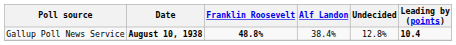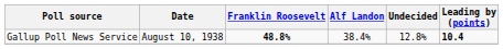 <table class="wikitable sortable collapsible collapsed">
 <tr>
 <th>Poll source</th>
 <th>Date</th>
 <th><a href='#'>Franklin Roosevelt</a><br><small></small></th>
 <th><a href='#'>Alf Landon</a><br><small></small></th>
 <th>Undecided</th>
 <th>Leading by<br>(<a href='#'>points</a>)</th>
 </tr>
 <tr>
 <td>Gallup Poll News Service</td>
-<td><strong>August 10, 1938</strong></td>
+<td>August 10, 1938</td>
 <td align="center" ><strong>48.8%</strong></td>
 <td align="center">38.4%</td>
 <td align="center">12.8%</td>
 <td><strong>10.4</strong></td>
 </tr>
 <tr>
 </tr>
 </table>
